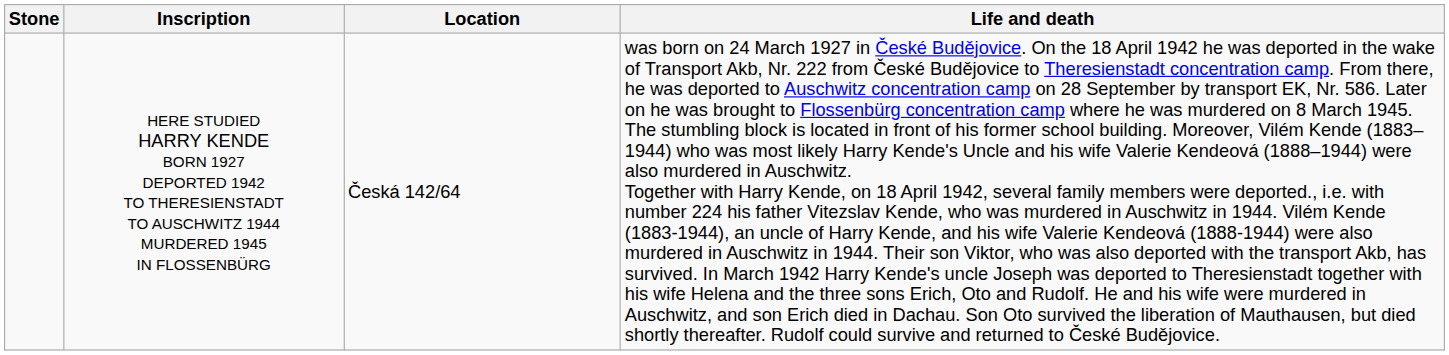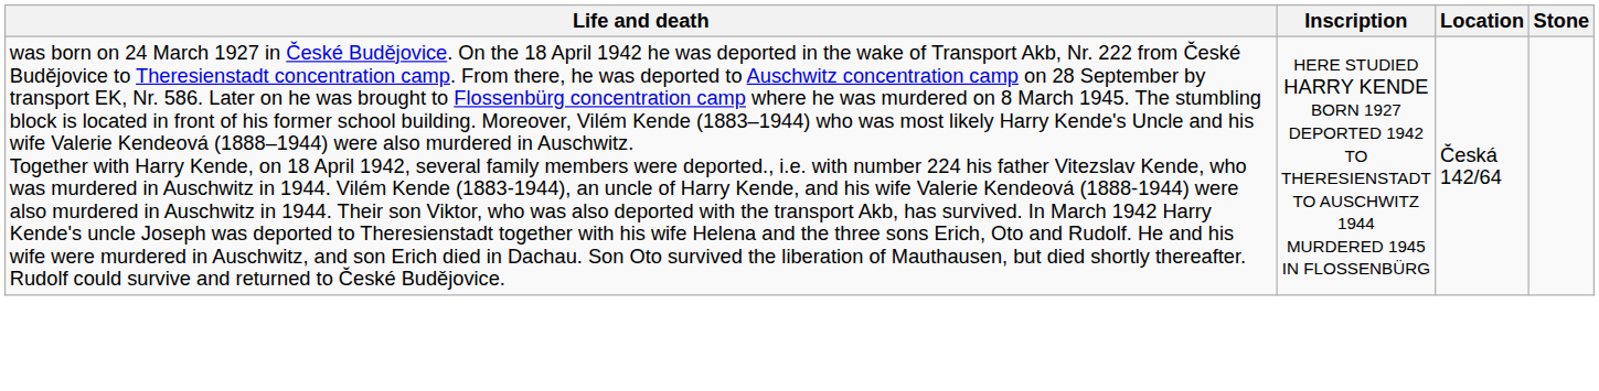 <table class="wikitable sortable toptextcells" style="width:100%">
 <tr>
-<th class="hintergrundfarbe6 unsortable" width="120px">Stone</th>
+<th class="hintergrundfarbe6 unsortable" style="width:100%;">Life and death</th>
 <th class="hintergrundfarbe6" style ="width:20%;">Inscription</th>
 <th class="hintergrundfarbe6" data-sort-type="text" style ="width:20%;">Location</th>
-<th class="hintergrundfarbe6 unsortable" style="width:100%;">Life and death</th>
+<th class="hintergrundfarbe6 unsortable" width="120px">Stone</th>
 </tr>
 <tr>
-<td></td>
+<td><strong></strong> was born on 24 March 1927 in <a href='#'>České Budějovice</a>. On the 18  April 1942 he was deported in the wake of Transport Akb, Nr. 222 from České Budějovice to <a href='#'>Theresienstadt concentration camp</a>. From there, he was deported to <a href='#'>Auschwitz concentration camp</a> on 28 September by transport EK, Nr. 586. Later on he was brought to <a href='#'>Flossenbürg concentration camp</a> where he was murdered on 8 March 1945. The stumbling block is located in front of his former school building. Moreover, Vilém Kende (1883–1944) who was most likely Harry Kende's Uncle and his wife Valerie Kendeová (1888–1944) were also murdered in Auschwitz.<br>Together with Harry Kende, on 18 April 1942, several family members were deported., i.e. with number 224 his father Vitezslav Kende, who was murdered in Auschwitz in 1944. Vilém Kende (1883-1944), an uncle of Harry Kende, and his wife Valerie Kendeová (1888-1944) were also murdered in Auschwitz in 1944. Their son Viktor, who was also deported with the transport Akb, has survived. In March 1942 Harry Kende's uncle Joseph was deported to Theresienstadt together with his wife Helena and the three sons Erich, Oto and Rudolf. He and his wife were murdered in Auschwitz, and son Erich died in Dachau. Son Oto survived the liberation of Mauthausen, but died shortly thereafter. Rudolf could survive and returned to České Budějovice.</td>
 <td style="text-align:center"><div><small>HERE STUDIED</small><br>HARRY KENDE<br><small>BORN 1927<br>DEPORTED 1942<br>TO THERESIENSTADT<br>TO AUSCHWITZ 1944<br>MURDERED 1945<br>IN FLOSSENBÜRG</small></div></td>
 <td>Česká 142/64 <br></td>
-<td><strong></strong> was born on 24 March 1927 in <a href='#'>České Budějovice</a>. On the 18  April 1942 he was deported in the wake of Transport Akb, Nr. 222 from České Budějovice to <a href='#'>Theresienstadt concentration camp</a>. From there, he was deported to <a href='#'>Auschwitz concentration camp</a> on 28 September by transport EK, Nr. 586. Later on he was brought to <a href='#'>Flossenbürg concentration camp</a> where he was murdered on 8 March 1945. The stumbling block is located in front of his former school building. Moreover, Vilém Kende (1883–1944) who was most likely Harry Kende's Uncle and his wife Valerie Kendeová (1888–1944) were also murdered in Auschwitz.<br>Together with Harry Kende, on 18 April 1942, several family members were deported., i.e. with number 224 his father Vitezslav Kende, who was murdered in Auschwitz in 1944. Vilém Kende (1883-1944), an uncle of Harry Kende, and his wife Valerie Kendeová (1888-1944) were also murdered in Auschwitz in 1944. Their son Viktor, who was also deported with the transport Akb, has survived. In March 1942 Harry Kende's uncle Joseph was deported to Theresienstadt together with his wife Helena and the three sons Erich, Oto and Rudolf. He and his wife were murdered in Auschwitz, and son Erich died in Dachau. Son Oto survived the liberation of Mauthausen, but died shortly thereafter. Rudolf could survive and returned to České Budějovice.</td>
+<td></td>
 </tr>
 </table>
